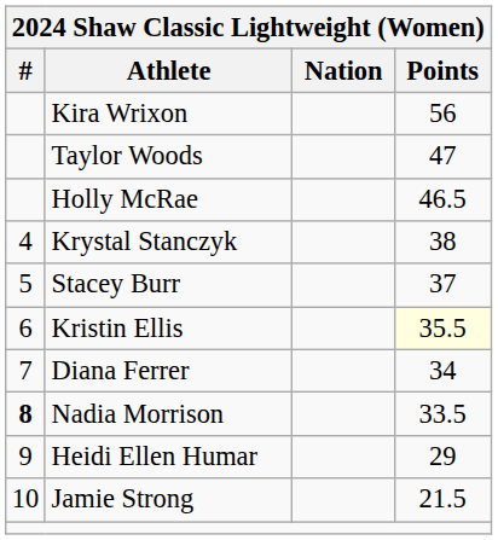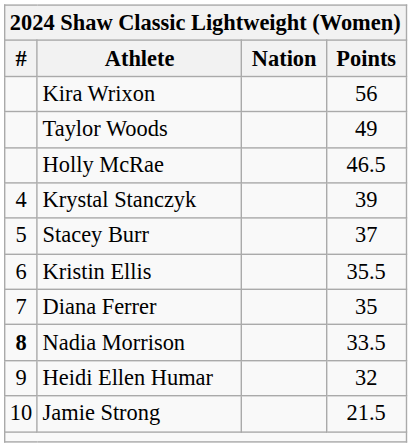 <table class="wikitable" style="display: inline-table; margin-left: 50px;text-align:center;">
 <tr>
 <th colspan="4">2024 Shaw Classic Lightweight (Women)</th>
 </tr>
 <tr>
 <th scope="col" style="width: 10px;">#</th>
 <th scope="col">Athlete</th>
 <th scope="col">Nation</th>
 <th scope="col">Points</th>
 </tr>
 <tr>
 <td></td>
 <td align=left>Kira Wrixon</td>
 <td align=left></td>
 <td>56</td>
 </tr>
 <tr>
 <td></td>
 <td align=left>Taylor Woods</td>
 <td align=left></td>
-<td>47</td>
+<td>49</td>
 </tr>
 <tr>
 <td></td>
 <td align=left>Holly McRae</td>
 <td align=left></td>
 <td>46.5</td>
 </tr>
 <tr>
 <td>4</td>
 <td align=left>Krystal Stanczyk</td>
 <td align=left></td>
-<td>38</td>
+<td>39</td>
 </tr>
 <tr>
 <td>5</td>
 <td align=left>Stacey Burr</td>
 <td align=left></td>
 <td>37</td>
 </tr>
 <tr>
 <td>6</td>
 <td align=left>Kristin Ellis</td>
 <td align=left></td>
-<td style="background: lightyellow;">35.5</td>
+<td>35.5</td>
 </tr>
 <tr>
 <td>7</td>
 <td align=left>Diana Ferrer</td>
 <td align=left></td>
-<td>34</td>
+<td>35</td>
 </tr>
 <tr>
 <td><strong>8</strong></td>
 <td align=left>Nadia Morrison</td>
 <td align=left></td>
 <td>33.5</td>
 </tr>
 <tr>
 <td>9</td>
 <td align=left>Heidi Ellen Humar</td>
 <td align=left></td>
-<td>29</td>
+<td>32</td>
 </tr>
 <tr>
 <td>10</td>
 <td align=left>Jamie Strong</td>
 <td align=left></td>
 <td>21.5</td>
 </tr>
 <tr class="sortbottom">
 <td colspan="4"></td>
 </tr>
 </table>
